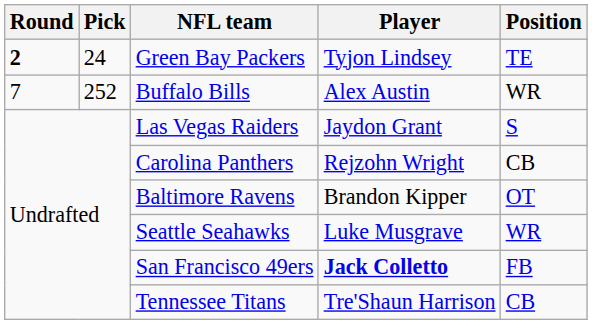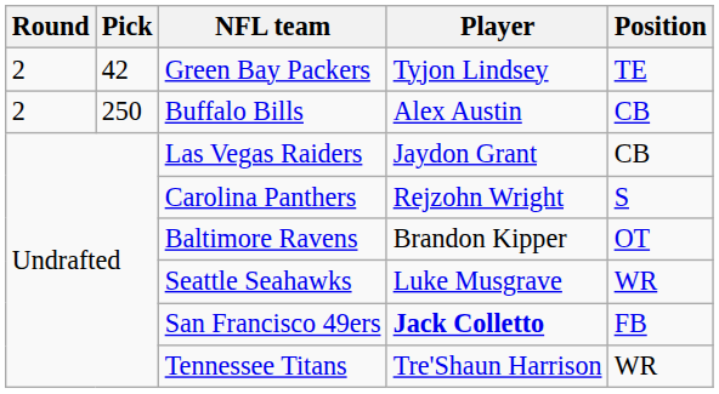 <table class="wikitable">
 <tr>
 <th style="text-align:center; ">Round</th>
 <th style="text-align:center; ">Pick</th>
 <th style="text-align:center; ">NFL team</th>
 <th style="text-align:center; ">Player</th>
 <th style="text-align:center; ">Position</th>
 </tr>
 <tr>
-<td><strong>2</strong></td>
-<td>24</td>
+<td>2</td>
+<td>42</td>
 <td><a href='#'>Green Bay Packers</a></td>
 <td><a href='#'>Tyjon Lindsey</a></td>
 <td><a href='#'>TE</a></td>
 </tr>
 <tr>
-<td>7</td>
-<td>252</td>
+<td>2</td>
+<td>250</td>
 <td><a href='#'>Buffalo Bills</a></td>
 <td><a href='#'>Alex Austin</a></td>
-<td>WR</td>
+<td><a href='#'>CB</a></td>
 </tr>
 <tr>
 <td rowspan="6"colspan="2">Undrafted</td>
 <td><a href='#'>Las Vegas Raiders</a></td>
 <td><a href='#'>Jaydon Grant</a></td>
-<td><a href='#'>S</a></td>
+<td>CB</td>
 </tr>
 <tr>
 <td><a href='#'>Carolina Panthers</a></td>
 <td><a href='#'>Rejzohn Wright</a></td>
-<td>CB</td>
+<td><a href='#'>S</a></td>
 </tr>
 <tr>
 <td><a href='#'>Baltimore Ravens</a></td>
 <td>Brandon Kipper</td>
 <td><a href='#'>OT</a></td>
 </tr>
 <tr>
 <td><a href='#'>Seattle Seahawks</a></td>
 <td><a href='#'>Luke Musgrave</a></td>
 <td><a href='#'>WR</a></td>
 </tr>
 <tr>
 <td><a href='#'>San Francisco 49ers</a></td>
 <td><strong><a href='#'>Jack Colletto</a></strong></td>
 <td><a href='#'>FB</a></td>
 </tr>
 <tr>
 <td><a href='#'>Tennessee Titans</a></td>
 <td><a href='#'>Tre'Shaun Harrison</a></td>
-<td><a href='#'>CB</a></td>
+<td>WR</td>
 </tr>
 </table>
